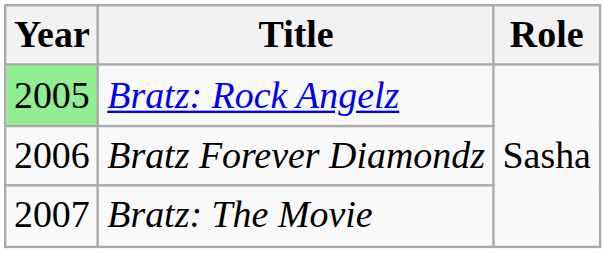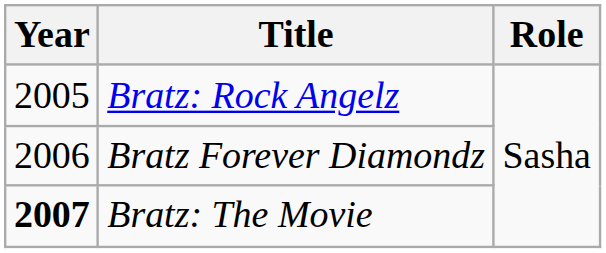 <table class="wikitable sortable">
 <tr>
 <th>Year</th>
 <th>Title</th>
 <th>Role</th>
 </tr>
 <tr>
-<td style="background: lightgreen;">2005</td>
+<td>2005</td>
 <td><em><a href='#'>Bratz: Rock Angelz</a></em></td>
 <td rowspan=3>Sasha</td>
 </tr>
 <tr>
 <td>2006</td>
 <td><em>Bratz Forever Diamondz</em></td>
 </tr>
 <tr>
-<td>2007</td>
+<td><strong>2007</strong></td>
 <td><em>Bratz: The Movie</em></td>
 </tr>
 </table>
